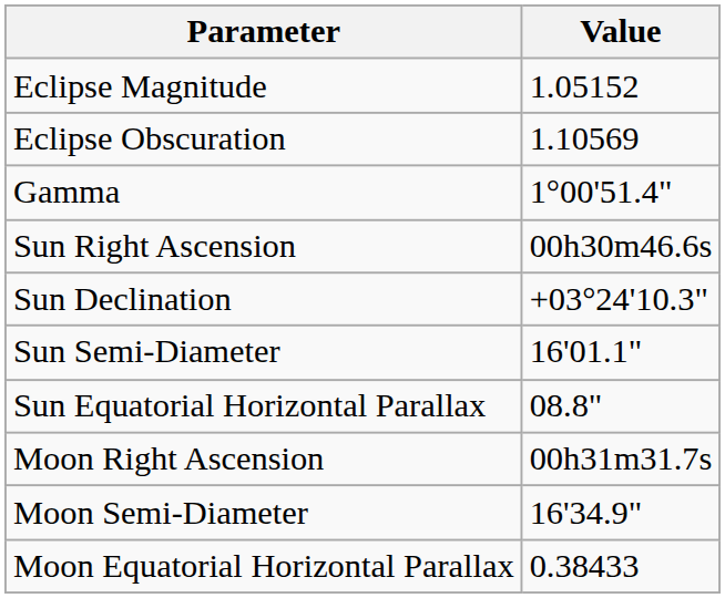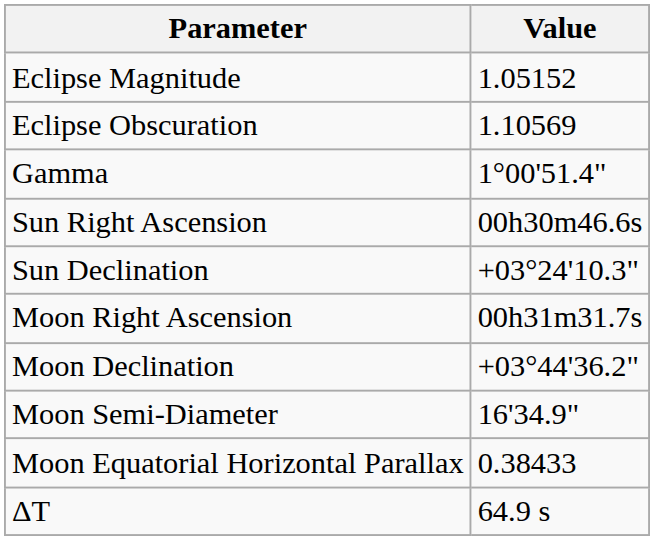 <table class="wikitable">
 <tr>
 <th>Parameter</th>
 <th>Value</th>
 </tr>
 <tr>
 <td>Eclipse Magnitude</td>
 <td>1.05152</td>
 </tr>
 <tr>
 <td>Eclipse Obscuration</td>
 <td>1.10569</td>
 </tr>
 <tr>
 <td>Gamma</td>
 <td>1°00'51.4"</td>
 </tr>
 <tr>
 <td>Sun Right Ascension</td>
 <td>00h30m46.6s</td>
 </tr>
 <tr>
 <td>Sun Declination</td>
 <td>+03°24'10.3"</td>
 </tr>
 <tr>
-<td>Sun Semi-Diameter</td>
-<td>16'01.1"</td>
+<td>Moon Right Ascension</td>
+<td>00h31m31.7s</td>
 </tr>
 <tr>
-<td>Sun Equatorial Horizontal Parallax</td>
-<td>08.8"</td>
-</tr>
-<tr>
-<td>Moon Right Ascension</td>
-<td>00h31m31.7s</td>
+<td>Moon Declination</td>
+<td>+03°44'36.2"</td>
 </tr>
 <tr>
 <td>Moon Semi-Diameter</td>
 <td>16'34.9"</td>
 </tr>
 <tr>
 <td>Moon Equatorial Horizontal Parallax</td>
 <td>0.38433</td>
 </tr>
+<tr>
+<td>ΔT</td>
+<td>64.9 s</td>
+</tr>
 </table>
